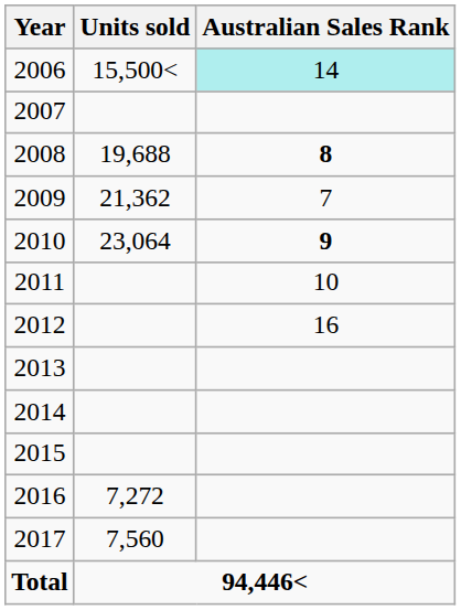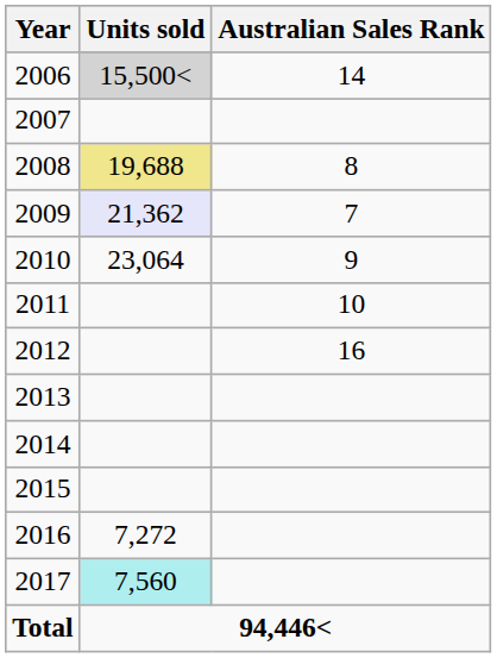 <table class="wikitable" style="font-size: 90%; text-align: center">
 <tr>
 <th>Year</th>
 <th>Units sold</th>
 <th>Australian Sales Rank</th>
 </tr>
 <tr>
 <td>2006</td>
-<td>15,500<</td>
-<td style="background: paleturquoise;">14</td>
+<td style="background: lightgrey;">15,500<</td>
+<td>14</td>
 </tr>
 <tr>
 <td>2007</td>
 <td></td>
 <td></td>
 </tr>
 <tr>
 <td>2008</td>
-<td>19,688</td>
-<td><strong>8</strong></td>
+<td style="background: khaki;">19,688</td>
+<td>8</td>
 </tr>
 <tr>
 <td>2009</td>
-<td>21,362</td>
+<td style="background: lavender;">21,362</td>
 <td>7</td>
 </tr>
 <tr>
 <td>2010</td>
 <td>23,064</td>
-<td><strong>9</strong></td>
+<td>9</td>
 </tr>
 <tr>
 <td>2011</td>
 <td></td>
 <td>10</td>
 </tr>
 <tr>
 <td>2012</td>
 <td></td>
 <td>16</td>
 </tr>
 <tr>
 <td>2013</td>
 <td></td>
 <td></td>
 </tr>
 <tr>
 <td>2014</td>
 <td></td>
 <td></td>
 </tr>
 <tr>
 <td>2015</td>
 <td></td>
 <td></td>
 </tr>
 <tr>
 <td>2016</td>
 <td>7,272</td>
 <td></td>
 </tr>
 <tr>
 <td>2017</td>
-<td>7,560</td>
+<td style="background: paleturquoise;">7,560</td>
 <td></td>
 </tr>
 <tr>
 <td><strong>Total</strong></td>
 <td colspan="2"><strong>94,446<</strong></td>
 </tr>
 </table>
